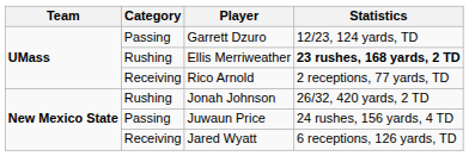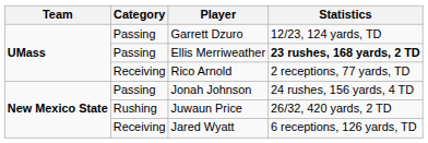 <table class="wikitable" style="float: left;">
 <tr>
 <th>Team</th>
 <th>Category</th>
 <th>Player</th>
 <th>Statistics</th>
 </tr>
 <tr>
 <td rowspan=3><strong>UMass</strong></td>
 <td>Passing</td>
 <td>Garrett Dzuro</td>
 <td>12/23, 124 yards, TD</td>
 </tr>
 <tr>
-<td>Rushing</td>
+<td>Passing</td>
 <td>Ellis Merriweather</td>
 <td><strong>23 rushes, 168 yards, 2 TD</strong></td>
 </tr>
 <tr>
 <td>Receiving</td>
 <td>Rico Arnold</td>
 <td>2 receptions, 77 yards, TD</td>
 </tr>
 <tr>
 <td rowspan=3><strong>New Mexico State</strong></td>
-<td>Rushing</td>
+<td>Passing</td>
 <td>Jonah Johnson</td>
-<td>26/32, 420 yards, 2 TD</td>
+<td>24 rushes, 156 yards, 4 TD</td>
 </tr>
 <tr>
-<td>Passing</td>
+<td>Rushing</td>
 <td>Juwaun Price</td>
-<td>24 rushes, 156 yards, 4 TD</td>
+<td>26/32, 420 yards, 2 TD</td>
 </tr>
 <tr>
 <td>Receiving</td>
 <td>Jared Wyatt</td>
 <td>6 receptions, 126 yards, TD</td>
 </tr>
 </table>
